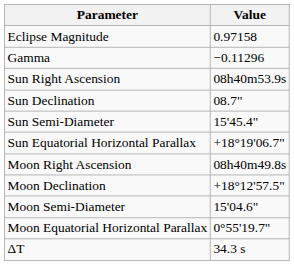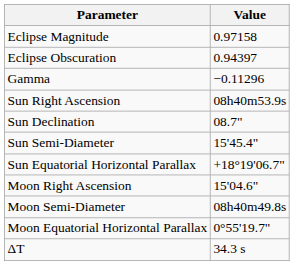 <table class="wikitable">
 <tr>
 <th>Parameter</th>
 <th>Value</th>
 </tr>
 <tr>
 <td>Eclipse Magnitude</td>
 <td>0.97158</td>
+</tr>
+<tr>
+<td>Eclipse Obscuration</td>
+<td>0.94397</td>
 </tr>
 <tr>
 <td>Gamma</td>
 <td>−0.11296</td>
 </tr>
 <tr>
 <td>Sun Right Ascension</td>
 <td>08h40m53.9s</td>
 </tr>
 <tr>
 <td>Sun Declination</td>
 <td>08.7"</td>
 </tr>
 <tr>
 <td>Sun Semi-Diameter</td>
 <td>15'45.4"</td>
 </tr>
 <tr>
 <td>Sun Equatorial Horizontal Parallax</td>
 <td>+18°19'06.7"</td>
 </tr>
 <tr>
 <td>Moon Right Ascension</td>
-<td>08h40m49.8s</td>
-</tr>
-<tr>
-<td>Moon Declination</td>
-<td>+18°12'57.5"</td>
+<td>15'04.6"</td>
 </tr>
 <tr>
 <td>Moon Semi-Diameter</td>
-<td>15'04.6"</td>
+<td>08h40m49.8s</td>
 </tr>
 <tr>
 <td>Moon Equatorial Horizontal Parallax</td>
 <td>0°55'19.7"</td>
 </tr>
 <tr>
 <td>ΔT</td>
 <td>34.3 s</td>
 </tr>
 </table>
